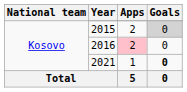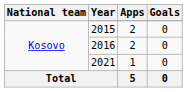 <table class="wikitable" style="text-align:center">
 <tr>
 <th>National team</th>
 <th>Year</th>
 <th>Apps</th>
 <th>Goals</th>
 </tr>
 <tr>
 <td rowspan="4"><a href='#'>Kosovo</a></td>
 </tr>
 <tr>
 <td>2015</td>
 <td>2</td>
-<td style="background: lightgrey;">0</td>
+<td>0</td>
 </tr>
 <tr>
 <td>2016</td>
-<td style="background: pink;">2</td>
+<td>2</td>
 <td>0</td>
 </tr>
 <tr>
 <td>2021</td>
 <td>1</td>
-<td><strong>0</strong></td>
+<td>0</td>
 </tr>
 <tr>
 <th colspan="2">Total</th>
 <th>5</th>
 <th>0</th>
 </tr>
 </table>
